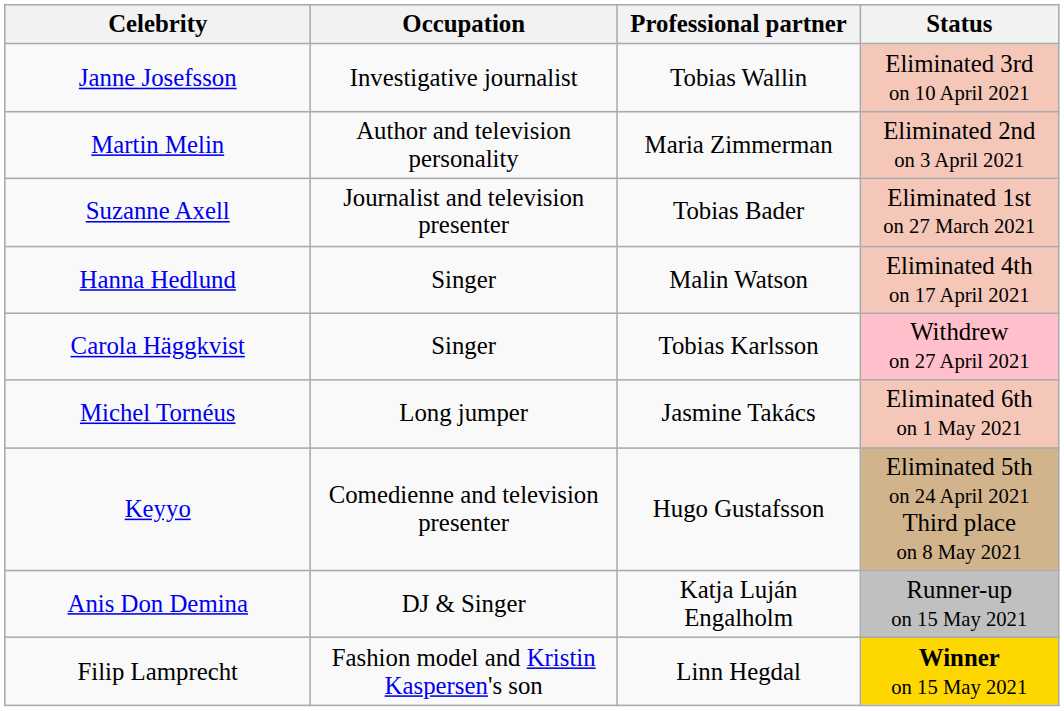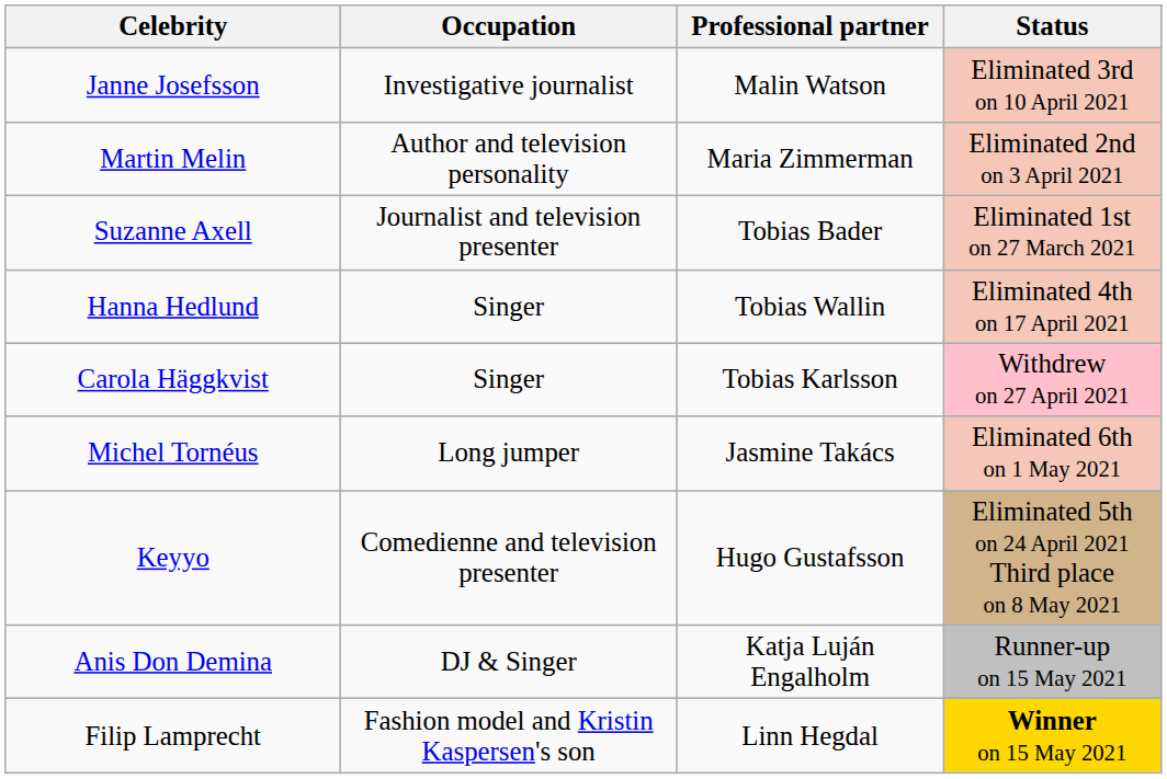 <table class="wikitable" align=center border="2" cellpadding="3" cellspacing="0" style="text-align:center; font-size:100%">
 <tr>
 <th width="190">Celebrity</th>
 <th width="190">Occupation</th>
 <th width="150">Professional partner</th>
 <th width="120">Status</th>
 </tr>
 <tr>
 <td><a href='#'>Janne Josefsson</a></td>
 <td>Investigative journalist</td>
-<td>Tobias Wallin</td>
+<td>Malin Watson</td>
 <td style=background:#f4c7b8>Eliminated 3rd<br><small>on 10 April 2021</small></td>
 </tr>
 <tr>
 <td><a href='#'>Martin Melin</a></td>
 <td>Author and television personality</td>
 <td>Maria Zimmerman</td>
 <td style=background:#f4c7b8>Eliminated 2nd<br><small>on 3 April 2021</small></td>
 </tr>
 <tr>
 <td><a href='#'>Suzanne Axell</a></td>
 <td>Journalist and television presenter</td>
 <td>Tobias Bader</td>
 <td style=background:#f4c7b8>Eliminated 1st<br><small>on 27 March 2021</small></td>
 </tr>
 <tr>
 <td><a href='#'>Hanna Hedlund</a></td>
 <td>Singer</td>
-<td>Malin Watson</td>
+<td>Tobias Wallin</td>
 <td style=background:#f4c7b8>Eliminated 4th<br><small>on 17 April 2021</small></td>
 </tr>
 <tr>
 <td><a href='#'>Carola Häggkvist</a></td>
 <td>Singer</td>
 <td>Tobias Karlsson</td>
 <td style="background:pink;">Withdrew<br><small>on 27 April 2021</small></td>
 </tr>
 <tr>
 <td><a href='#'>Michel Tornéus</a></td>
 <td>Long jumper</td>
 <td>Jasmine Takács</td>
 <td style="background:#f4c7b8">Eliminated 6th<br><small>on 1 May 2021</small></td>
 </tr>
 <tr>
 <td><a href='#'>Keyyo</a></td>
 <td>Comedienne and television presenter</td>
 <td>Hugo Gustafsson</td>
 <td style="background:tan">Eliminated 5th<br><small>on 24 April 2021</small><br>Third place<br><small>on 8 May 2021</small></td>
 </tr>
 <tr>
 <td><a href='#'>Anis Don Demina</a></td>
 <td>DJ & Singer</td>
 <td>Katja Luján Engalholm</td>
 <td style="background:silver;">Runner-up<br><small>on 15 May 2021</small></td>
 </tr>
 <tr>
 <td>Filip Lamprecht</td>
 <td>Fashion model and <a href='#'>Kristin Kaspersen</a>'s son</td>
 <td>Linn Hegdal</td>
 <td style="background:gold;"><strong>Winner</strong><br><small>on 15 May 2021</small></td>
 </tr>
 </table>
